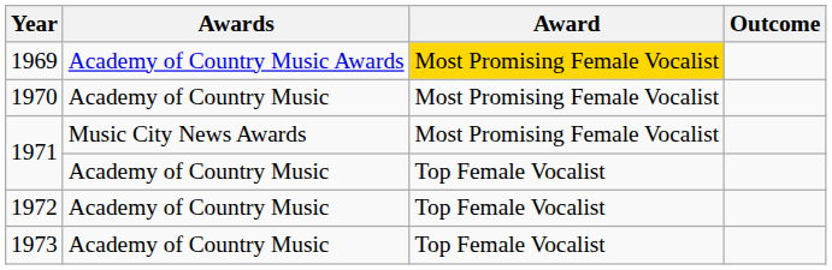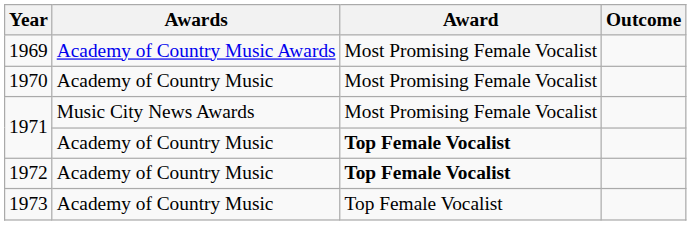 <table class="wikitable">
 <tr>
 <th>Year</th>
 <th>Awards</th>
 <th>Award</th>
 <th>Outcome</th>
 </tr>
 <tr>
 <td>1969</td>
 <td><a href='#'>Academy of Country Music Awards</a></td>
-<td style="background: gold;">Most Promising Female Vocalist</td>
+<td>Most Promising Female Vocalist</td>
 <td></td>
 </tr>
 <tr>
 <td>1970</td>
 <td>Academy of Country Music</td>
 <td>Most Promising Female Vocalist</td>
 <td></td>
 </tr>
 <tr>
 <td rowspan=2>1971</td>
 <td>Music City News Awards</td>
 <td>Most Promising Female Vocalist</td>
 <td></td>
 </tr>
 <tr>
 <td>Academy of Country Music</td>
-<td>Top Female Vocalist</td>
+<td><strong>Top Female Vocalist</strong></td>
 <td></td>
 </tr>
 <tr>
 <td>1972</td>
 <td>Academy of Country Music</td>
-<td>Top Female Vocalist</td>
+<td><strong>Top Female Vocalist</strong></td>
 <td></td>
 </tr>
 <tr>
 <td>1973</td>
 <td>Academy of Country Music</td>
 <td>Top Female Vocalist</td>
 <td></td>
 </tr>
 </table>
